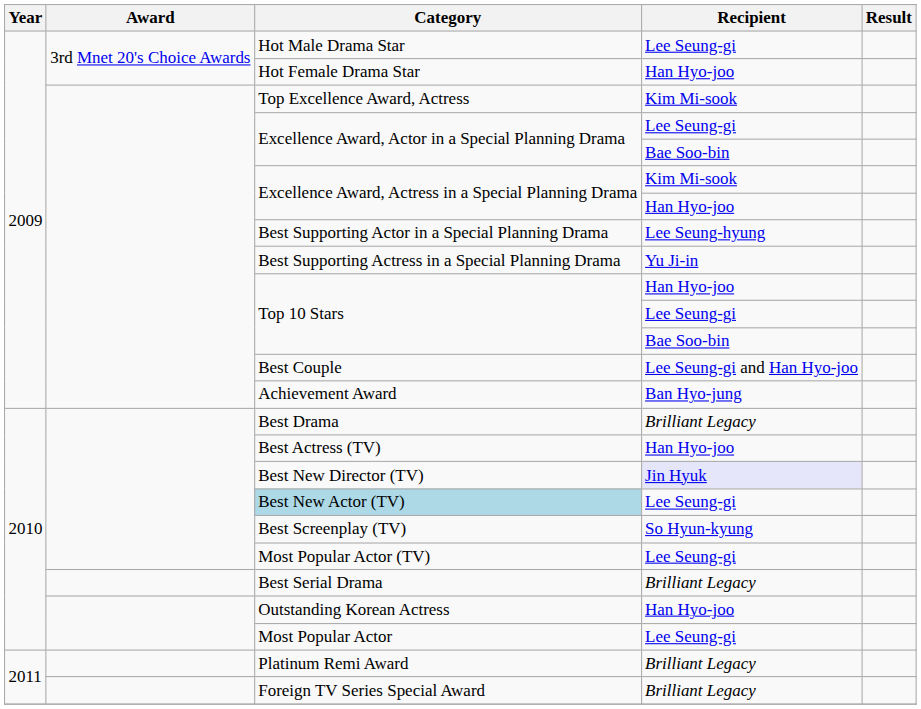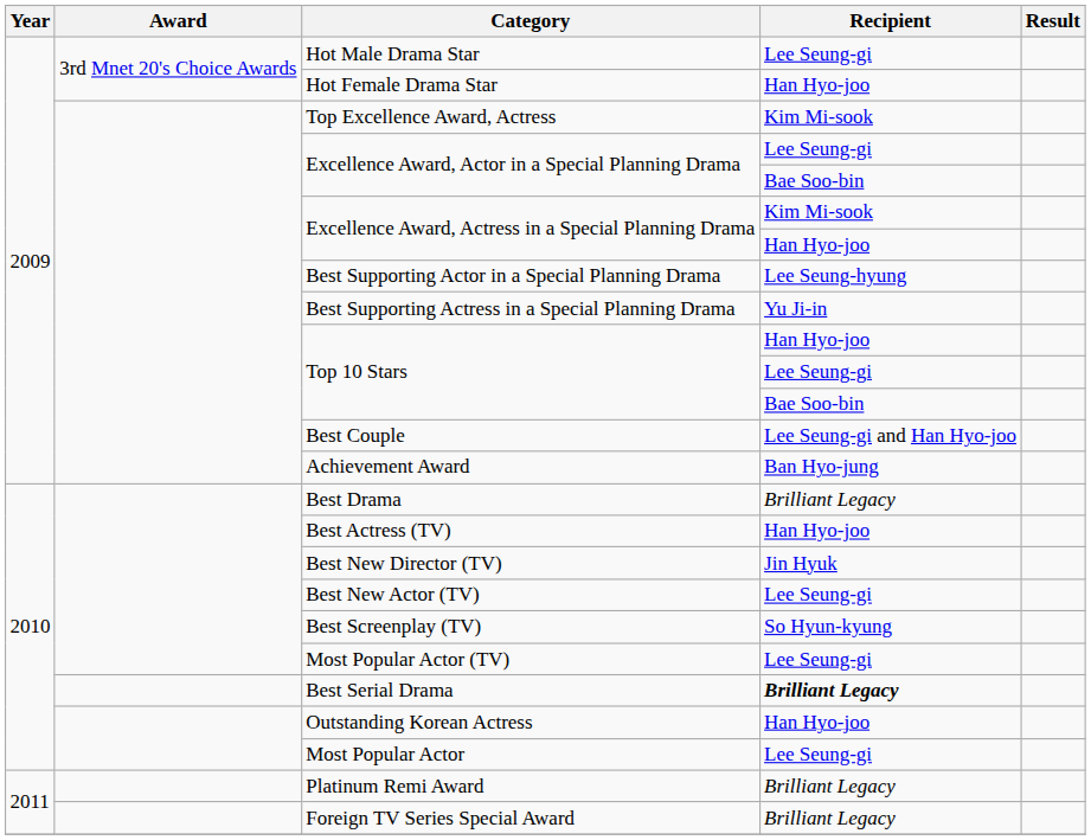 <table class="wikitable">
 <tr>
 <th>Year</th>
 <th>Award</th>
 <th>Category</th>
 <th>Recipient</th>
 <th>Result</th>
 </tr>
 <tr>
 <td rowspan=14>2009</td>
 <td rowspan=2 style="text-align:center;">3rd <a href='#'>Mnet 20's Choice Awards</a></td>
 <td>Hot Male Drama Star</td>
 <td><a href='#'>Lee Seung-gi</a></td>
 <td></td>
 </tr>
 <tr>
 <td>Hot Female Drama Star</td>
 <td><a href='#'>Han Hyo-joo</a></td>
 <td></td>
 </tr>
 <tr>
 <td rowspan=12></td>
 <td>Top Excellence Award, Actress</td>
 <td><a href='#'>Kim Mi-sook</a></td>
 <td></td>
 </tr>
 <tr>
 <td rowspan=2>Excellence Award, Actor in a Special Planning Drama</td>
 <td><a href='#'>Lee Seung-gi</a></td>
 <td></td>
 </tr>
 <tr>
 <td><a href='#'>Bae Soo-bin</a></td>
 <td></td>
 </tr>
 <tr>
 <td rowspan=2>Excellence Award, Actress in a Special Planning Drama</td>
 <td><a href='#'>Kim Mi-sook</a></td>
 <td></td>
 </tr>
 <tr>
 <td><a href='#'>Han Hyo-joo</a></td>
 <td></td>
 </tr>
 <tr>
 <td>Best Supporting Actor in a Special Planning Drama</td>
 <td><a href='#'>Lee Seung-hyung</a></td>
 <td></td>
 </tr>
 <tr>
 <td>Best Supporting Actress in a Special Planning Drama</td>
 <td><a href='#'>Yu Ji-in</a></td>
 <td></td>
 </tr>
 <tr>
 <td rowspan=3>Top 10 Stars</td>
 <td><a href='#'>Han Hyo-joo</a></td>
 <td></td>
 </tr>
 <tr>
 <td><a href='#'>Lee Seung-gi</a></td>
 <td></td>
 </tr>
 <tr>
 <td><a href='#'>Bae Soo-bin</a></td>
 <td></td>
 </tr>
 <tr>
 <td>Best Couple</td>
 <td><a href='#'>Lee Seung-gi</a> and <a href='#'>Han Hyo-joo</a></td>
 <td></td>
 </tr>
 <tr>
 <td>Achievement Award</td>
 <td><a href='#'>Ban Hyo-jung</a></td>
 <td></td>
 </tr>
 <tr>
 <td rowspan=9>2010</td>
 <td rowspan=6></td>
 <td>Best Drama</td>
 <td><em>Brilliant Legacy</em></td>
 <td></td>
 </tr>
 <tr>
 <td>Best Actress (TV)</td>
 <td><a href='#'>Han Hyo-joo</a></td>
 <td></td>
 </tr>
 <tr>
 <td>Best New Director (TV)</td>
-<td style="background: lavender;"><a href='#'>Jin Hyuk</a></td>
+<td><a href='#'>Jin Hyuk</a></td>
 <td></td>
 </tr>
 <tr>
-<td style="background: lightblue;">Best New Actor (TV)</td>
+<td>Best New Actor (TV)</td>
 <td><a href='#'>Lee Seung-gi</a></td>
 <td></td>
 </tr>
 <tr>
 <td>Best Screenplay (TV)</td>
 <td><a href='#'>So Hyun-kyung</a></td>
 <td></td>
 </tr>
 <tr>
 <td>Most Popular Actor (TV)</td>
 <td><a href='#'>Lee Seung-gi</a></td>
 <td></td>
 </tr>
 <tr>
 <td></td>
 <td>Best Serial Drama</td>
-<td><em>Brilliant Legacy</em></td>
+<td><strong><em>Brilliant Legacy</em></strong></td>
 <td></td>
 </tr>
 <tr>
 <td rowspan=2></td>
 <td>Outstanding Korean Actress</td>
 <td><a href='#'>Han Hyo-joo</a></td>
 <td></td>
 </tr>
 <tr>
 <td>Most Popular Actor</td>
 <td><a href='#'>Lee Seung-gi</a></td>
 <td></td>
 </tr>
 <tr>
 <td rowspan=2>2011</td>
 <td></td>
 <td>Platinum Remi Award</td>
 <td><em>Brilliant Legacy</em></td>
 <td></td>
 </tr>
 <tr>
 <td></td>
 <td>Foreign TV Series Special Award</td>
 <td><em>Brilliant Legacy</em></td>
 <td></td>
 </tr>
 <tr>
 </tr>
 </table>
